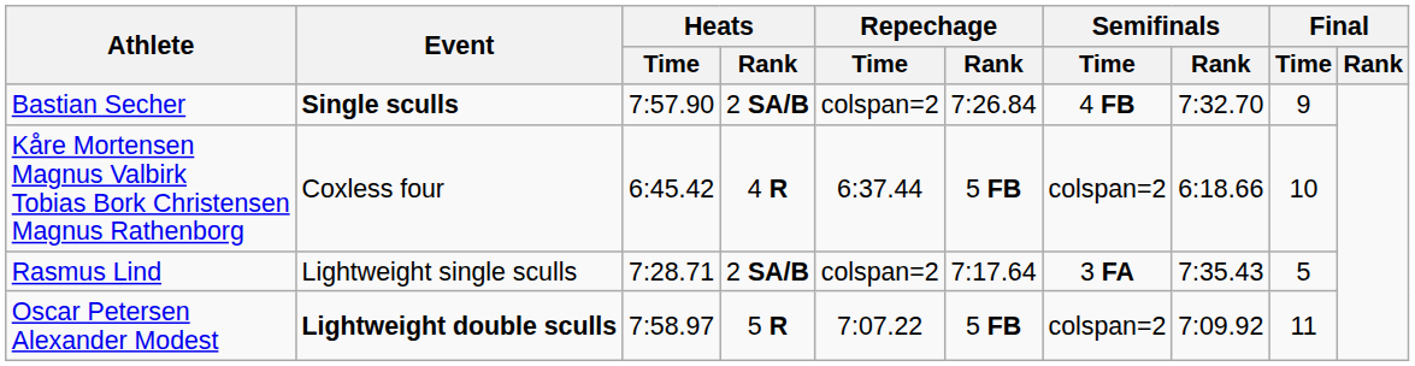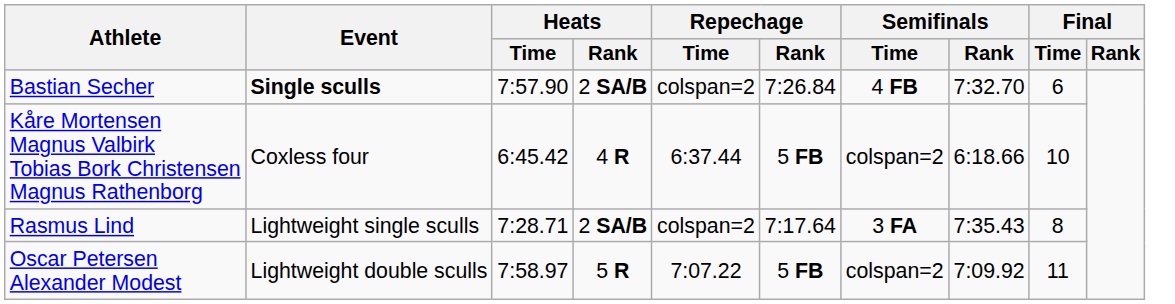 <table class="wikitable" style="font-size:90%">
 <tr>
 <th rowspan="2">Athlete</th>
 <th rowspan="2">Event</th>
 <th colspan="2">Heats</th>
 <th colspan="2">Repechage</th>
 <th colspan="2">Semifinals</th>
 <th colspan="2">Final</th>
 </tr>
 <tr style="font-size:95%">
 <th>Time</th>
 <th>Rank</th>
 <th>Time</th>
 <th>Rank</th>
 <th>Time</th>
 <th>Rank</th>
 <th>Time</th>
 <th>Rank</th>
 </tr>
 <tr align=center>
 <td align=left><a href='#'>Bastian Secher</a></td>
 <td align=left><strong>Single sculls</strong></td>
 <td>7:57.90</td>
 <td>2 <strong>SA/B</strong></td>
 <td>colspan=2</td>
 <td>7:26.84</td>
 <td>4 <strong>FB</strong></td>
 <td>7:32.70</td>
-<td>9</td>
+<td>6</td>
 </tr>
 <tr align=center>
 <td align=left><a href='#'>Kåre Mortensen</a><br><a href='#'>Magnus Valbirk</a><br><a href='#'>Tobias Bork Christensen</a><br><a href='#'>Magnus Rathenborg</a></td>
 <td align=left>Coxless four</td>
 <td>6:45.42</td>
 <td>4 <strong>R</strong></td>
 <td>6:37.44</td>
 <td>5 <strong>FB</strong></td>
 <td>colspan=2</td>
 <td>6:18.66</td>
 <td>10</td>
 </tr>
 <tr align=center>
 <td align=left><a href='#'>Rasmus Lind</a></td>
 <td align=left>Lightweight single sculls</td>
 <td>7:28.71</td>
 <td>2 <strong>SA/B</strong></td>
 <td>colspan=2</td>
 <td>7:17.64</td>
 <td>3 <strong>FA</strong></td>
 <td>7:35.43</td>
-<td>5</td>
+<td>8</td>
 </tr>
 <tr align=center>
 <td align=left><a href='#'>Oscar Petersen</a><br><a href='#'>Alexander Modest</a></td>
-<td align=left><strong>Lightweight double sculls</strong></td>
+<td align=left>Lightweight double sculls</td>
 <td>7:58.97</td>
 <td>5 <strong>R</strong></td>
 <td>7:07.22</td>
 <td>5 <strong>FB</strong></td>
 <td>colspan=2</td>
 <td>7:09.92</td>
 <td>11</td>
 </tr>
 </table>
